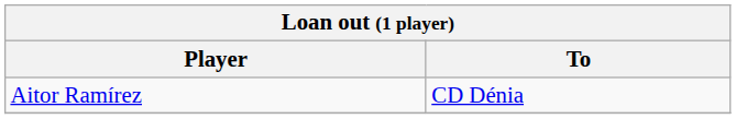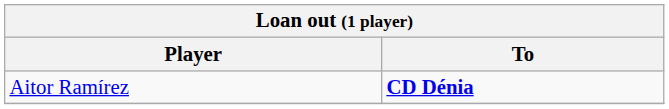 <table class="wikitable collapsible collapsed">
 <tr>
 <th colspan="2" width="500"> <strong>Loan out</strong> <small>(1 player)</small></th>
 </tr>
 <tr>
 <th>Player</th>
 <th>To</th>
 </tr>
 <tr>
 <td> <a href='#'>Aitor Ramírez</a></td>
-<td> <a href='#'>CD Dénia</a></td>
+<td><strong> <a href='#'>CD Dénia</a></strong></td>
 </tr>
 <tr>
 </tr>
 </table>
